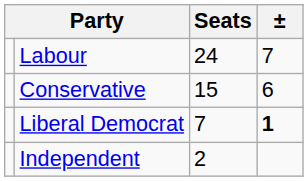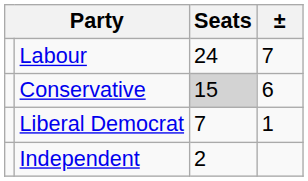 <table class="wikitable">
 <tr>
 <th colspan="2">Party</th>
 <th>Seats</th>
 <th>  ±  </th>
 </tr>
 <tr>
 <td style="background-color: "></td>
 <td><a href='#'>Labour</a></td>
 <td>24</td>
 <td> 7</td>
 </tr>
 <tr>
 <td style="background-color: "></td>
 <td><a href='#'>Conservative</a></td>
-<td>15</td>
+<td style="background: lightgrey;">15</td>
 <td> 6</td>
 </tr>
 <tr>
 <td style="background-color: "></td>
 <td><a href='#'>Liberal Democrat</a></td>
 <td>7</td>
-<td><strong> 1</strong></td>
+<td> 1</td>
 </tr>
 <tr>
 <td style="background-color: "></td>
 <td><a href='#'>Independent</a></td>
 <td>2</td>
 <td></td>
 </tr>
 </table>
